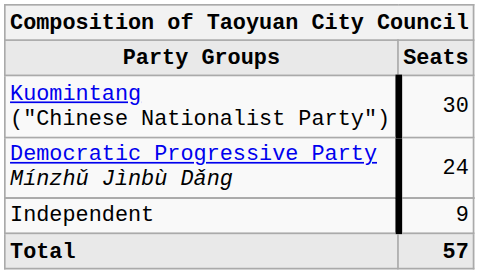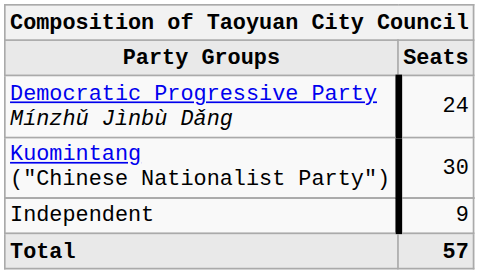 <table class="wikitable">
 <tr>
 <th colspan="2">Composition of Taoyuan City Council</th>
 </tr>
 <tr>
 <th style="background-color:#E9E9E9" align=left>Party Groups</th>
 <th style="background-color:#E9E9E9" align=right>Seats</th>
 </tr>
 <tr>
+<td style="border-right:4px solid "><a href='#'>Democratic Progressive Party</a><br><em>Mínzhǔ Jìnbù Dǎng</em></td>
+<td align="right">24</td>
+</tr>
+<tr>
 <td style="border-right:4px solid "><a href='#'>Kuomintang</a><br>("Chinese Nationalist Party")</td>
 <td align="right">30</td>
-</tr>
-<tr>
-<td style="border-right:4px solid "><a href='#'>Democratic Progressive Party</a><br><em>Mínzhǔ Jìnbù Dǎng</em></td>
-<td align="right">24</td>
 </tr>
 <tr>
 </tr>
 <tr>
 <td style="border-right:4px solid ">Independent</td>
 <td align="right">9</td>
 </tr>
 <tr>
 <td align=left style="background-color:#E9E9E9" align=left><strong>Total</strong></td>
 <td style="background-color:#E9E9E9" align=right><strong>57</strong></td>
 </tr>
 </table>
